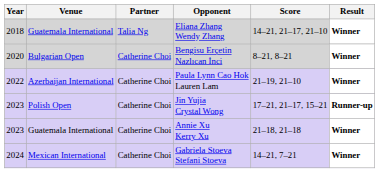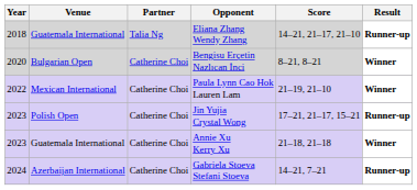 <table class="sortable wikitable" style="font-size: 90%;">
 <tr>
 <th>Year</th>
 <th>Venue</th>
 <th>Partner</th>
 <th>Opponent</th>
 <th>Score</th>
 <th>Result</th>
 </tr>
 <tr style="background:#D5D5D5">
 <td align="center">2018</td>
 <td align="left"><a href='#'>Guatemala International</a></td>
 <td align="left"> <a href='#'>Talia Ng</a></td>
 <td align="left"> <a href='#'>Eliana Zhang</a><br> <a href='#'>Wendy Zhang</a></td>
 <td align="left">14–21, 21–17, 21–10</td>
-<td style="text-align:left; background:white"> <strong>Winner</strong></td>
+<td style="text-align:left; background:white"> <strong>Runner-up</strong></td>
 </tr>
 <tr style="background:#D5D5D5">
 <td align="center">2020</td>
 <td align="left"><a href='#'>Bulgarian Open</a></td>
 <td align="left"> <a href='#'>Catherine Choi</a></td>
 <td align="left"> <a href='#'>Bengisu Erçetin</a><br> <a href='#'>Nazlıcan İnci</a></td>
 <td align="left">8–21, 8–21</td>
 <td style="text-align:left; background:white"> <strong>Winner</strong></td>
 </tr>
 <tr style="background:#D8CEF6">
 <td align="center">2022</td>
-<td align="left"><a href='#'>Azerbaijan International</a></td>
+<td align="left"><a href='#'>Mexican International</a></td>
 <td align="left"> Catherine Choi</td>
 <td align="left"> <a href='#'>Paula Lynn Cao Hok</a><br> Lauren Lam</td>
 <td align="left">21–19, 21–10</td>
 <td style="text-align:left; background:white"> <strong>Winner</strong></td>
 </tr>
 <tr style="background:#D8CEF6">
 <td align="center">2023</td>
 <td align="left"><a href='#'>Polish Open</a></td>
 <td align="left"> Catherine Choi</td>
 <td align="left"> <a href='#'>Jin Yujia</a><br> <a href='#'>Crystal Wong</a></td>
 <td align="left">17–21, 21–17, 15–21</td>
 <td style="text-align:left; background:white"> <strong>Runner-up</strong></td>
 </tr>
 <tr style="background:#D8CEF6">
 <td align="center">2023</td>
 <td align="left">Guatemala International</td>
 <td align="left"> Catherine Choi</td>
 <td align="left"> <a href='#'>Annie Xu</a><br> <a href='#'>Kerry Xu</a></td>
 <td align="left">21–18, 21–18</td>
 <td style="text-align:left; background:white"> <strong>Winner</strong></td>
 </tr>
 <tr style="background:#D8CEF6">
 <td align="center">2024</td>
-<td align="left"><a href='#'>Mexican International</a></td>
+<td align="left"><a href='#'>Azerbaijan International</a></td>
 <td align="left"> Catherine Choi</td>
 <td align="left"> <a href='#'>Gabriela Stoeva</a><br> <a href='#'>Stefani Stoeva</a></td>
 <td align="left">14–21, 7–21</td>
-<td style="text-align:left; background:white"> <strong>Winner</strong></td>
+<td style="text-align:left; background:white"> <strong>Runner-up</strong></td>
 </tr>
 </table>
